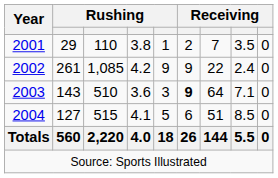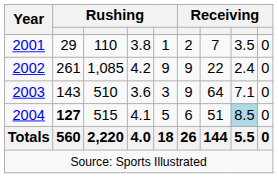 <table class="wikitable" style="text-align: center;">
 <tr>
 <th rowspan=2>Year</th>
 <th colspan=4>Rushing</th>
 <th colspan=4>Receiving</th>
 </tr>
 <tr>
 <th></th>
 <th></th>
 <th></th>
 <th></th>
 <th></th>
 <th></th>
 <th></th>
 <th></th>
 </tr>
 <tr>
 <td><a href='#'>2001</a></td>
 <td>29</td>
 <td>110</td>
 <td>3.8</td>
 <td>1</td>
 <td>2</td>
 <td>7</td>
 <td>3.5</td>
 <td>0</td>
 </tr>
 <tr>
 <td><a href='#'>2002</a></td>
 <td>261</td>
 <td>1,085</td>
 <td>4.2</td>
 <td>9</td>
 <td>9</td>
 <td>22</td>
 <td>2.4</td>
 <td>0</td>
 </tr>
 <tr>
 <td><a href='#'>2003</a></td>
 <td>143</td>
 <td>510</td>
 <td>3.6</td>
 <td>3</td>
-<td><strong>9</strong></td>
+<td>9</td>
 <td>64</td>
 <td>7.1</td>
 <td>0</td>
 </tr>
 <tr>
 <td><a href='#'>2004</a></td>
-<td>127</td>
+<td><strong>127</strong></td>
 <td>515</td>
 <td>4.1</td>
 <td>5</td>
 <td>6</td>
 <td>51</td>
-<td>8.5</td>
+<td style="background: lightblue;">8.5</td>
 <td>0</td>
 </tr>
 <tr>
 <th>Totals</th>
 <th>560</th>
 <th>2,220</th>
 <th>4.0</th>
 <th>18</th>
 <th>26</th>
 <th>144</th>
 <th>5.5</th>
 <th>0</th>
 </tr>
 <tr>
 <td colspan=9><small>Source: Sports Illustrated</small></td>
 </tr>
 </table>
